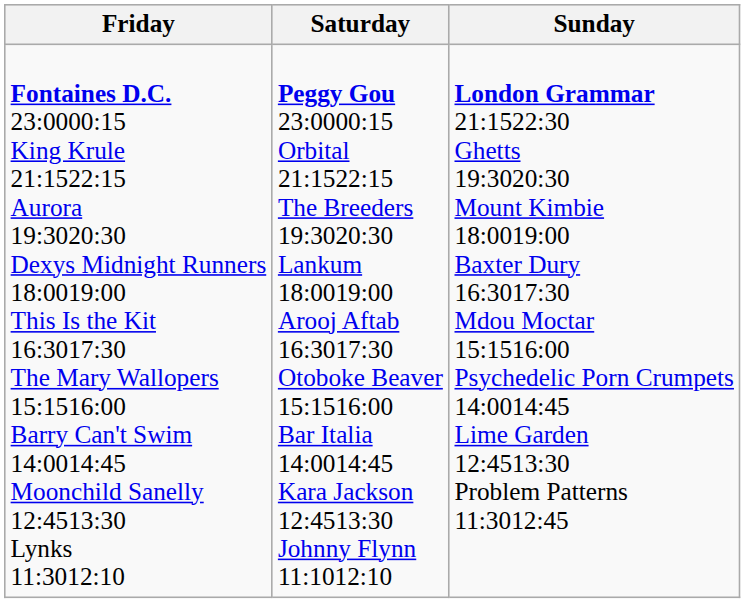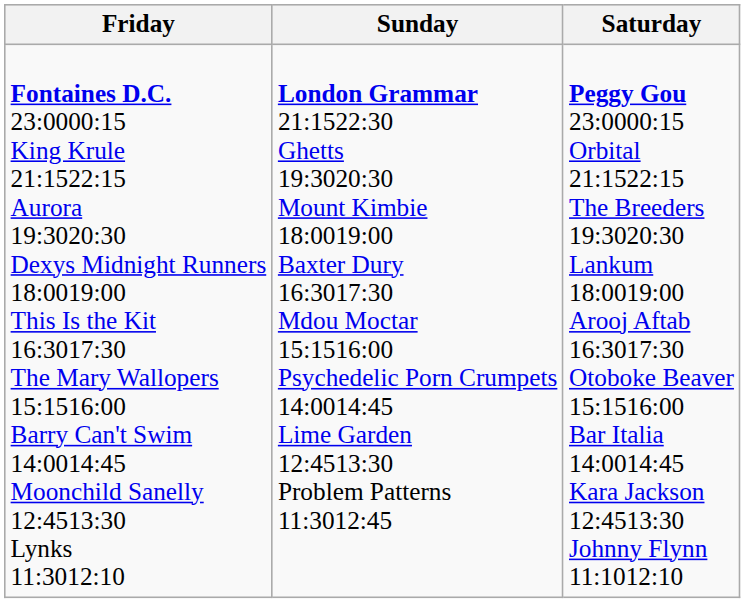 <table class="wikitable">
 <tr>
 <th>Friday</th>
+<th>Sunday</th>
 <th>Saturday</th>
-<th>Sunday</th>
 </tr>
 <tr valign="top">
 <td><br><strong><a href='#'>Fontaines D.C.</a></strong><br>23:0000:15<br> <a href='#'>King Krule</a><br>21:1522:15<br> <a href='#'>Aurora</a><br>19:3020:30<br> <a href='#'>Dexys Midnight Runners</a><br>18:0019:00<br> <a href='#'>This Is the Kit</a><br>16:3017:30<br> <a href='#'>The Mary Wallopers</a><br>15:1516:00<br> <a href='#'>Barry Can't Swim</a><br>14:0014:45<br> <a href='#'>Moonchild Sanelly</a><br>12:4513:30<br> Lynks<br>11:3012:10</td>
+<td><br><strong><a href='#'>London Grammar</a></strong><br>21:1522:30<br> <a href='#'>Ghetts</a><br>19:3020:30<br> <a href='#'>Mount Kimbie</a><br>18:0019:00<br> <a href='#'>Baxter Dury</a><br>16:3017:30<br> <a href='#'>Mdou Moctar</a><br>15:1516:00<br> <a href='#'>Psychedelic Porn Crumpets</a><br>14:0014:45<br> <a href='#'>Lime Garden</a><br>12:4513:30<br> Problem Patterns<br>11:3012:45</td>
 <td><br><strong><a href='#'>Peggy Gou</a></strong><br>23:0000:15<br> <a href='#'>Orbital</a><br>21:1522:15<br> <a href='#'>The Breeders</a><br>19:3020:30<br> <a href='#'>Lankum</a><br>18:0019:00<br> <a href='#'>Arooj Aftab</a><br>16:3017:30<br> <a href='#'>Otoboke Beaver</a><br>15:1516:00<br> <a href='#'>Bar Italia</a><br>14:0014:45<br> <a href='#'>Kara Jackson</a><br>12:4513:30<br> <a href='#'>Johnny Flynn</a><br>11:1012:10</td>
-<td><br><strong><a href='#'>London Grammar</a></strong><br>21:1522:30<br> <a href='#'>Ghetts</a><br>19:3020:30<br> <a href='#'>Mount Kimbie</a><br>18:0019:00<br> <a href='#'>Baxter Dury</a><br>16:3017:30<br> <a href='#'>Mdou Moctar</a><br>15:1516:00<br> <a href='#'>Psychedelic Porn Crumpets</a><br>14:0014:45<br> <a href='#'>Lime Garden</a><br>12:4513:30<br> Problem Patterns<br>11:3012:45</td>
 </tr>
 </table>
